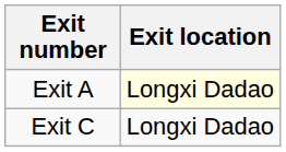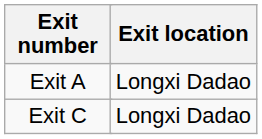 <table class="wikitable">
 <tr>
 <th style="width:70px" colspan="2">Exit number</th>
 <th>Exit location</th>
 </tr>
 <tr>
 <td align="center" colspan="2">Exit A</td>
-<td style="background: lightyellow;">Longxi Dadao</td>
+<td>Longxi Dadao</td>
 </tr>
 <tr>
 <td align="center" colspan="2">Exit C</td>
 <td>Longxi Dadao</td>
 </tr>
 </table>
